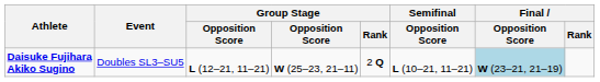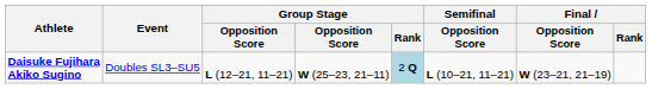 <table class="wikitable" style="font-size:90%; text-align:center">
 <tr>
 <th rowspan="2">Athlete</th>
 <th rowspan="2">Event</th>
 <th colspan="3">Group Stage</th>
 <th>Semifinal</th>
 <th colspan="2">Final / </th>
 </tr>
 <tr style="font-size:95%">
 <th>Opposition<br>Score</th>
 <th>Opposition<br>Score</th>
 <th>Rank</th>
 <th>Opposition<br>Score</th>
 <th>Opposition<br>Score</th>
 <th>Rank</th>
 </tr>
 <tr>
 <td align="left"><strong><a href='#'>Daisuke Fujihara</a><br><a href='#'>Akiko Sugino</a></strong></td>
 <td align="left"><a href='#'>Doubles SL3–SU5</a></td>
 <td><br><strong>L</strong> (12–21, 11–21)</td>
 <td><br><strong>W</strong> (25–23, 21–11)</td>
-<td>2 <strong>Q</strong></td>
+<td style="background: lightblue;">2 <strong>Q</strong></td>
 <td><br><strong>L</strong> (10–21, 11–21)</td>
-<td style="background: lightblue;"><br><strong>W</strong> (23–21, 21–19)</td>
+<td><br><strong>W</strong> (23–21, 21–19)</td>
 <td></td>
 </tr>
 </table>
